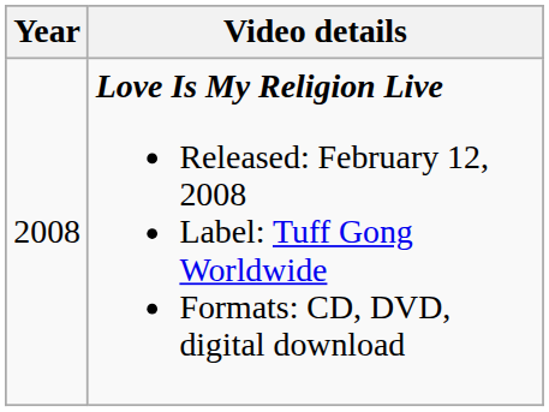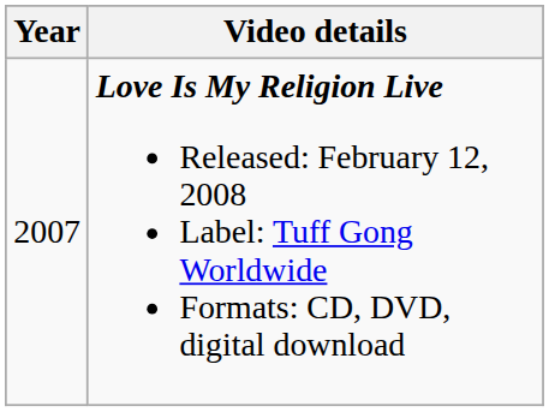 <table class="wikitable" style=text-align:center;>
 <tr>
 <th rowspan="1" style="width:30px;">Year</th>
 <th rowspan="1" style="width:210px;">Video details</th>
 </tr>
 <tr>
-<td>2008</td>
+<td>2007</td>
 <td align=left><strong><em>Love Is My Religion Live</em></strong><br><ul><li>Released: February 12, 2008</li><li>Label: <a href='#'>Tuff Gong Worldwide</a></li><li>Formats: CD, DVD, digital download</li></ul></td>
 </tr>
 </table>
